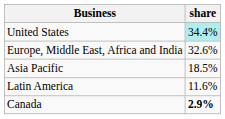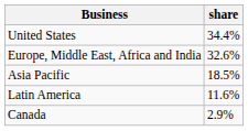 <table class="wikitable floatright">
 <tr>
 <th>Business</th>
 <th>share</th>
 </tr>
 <tr>
 <td>United States</td>
-<td style="background: paleturquoise;">34.4%</td>
+<td>34.4%</td>
 </tr>
 <tr>
 <td>Europe, Middle East, Africa and India</td>
 <td>32.6%</td>
 </tr>
 <tr>
 <td>Asia Pacific</td>
 <td>18.5%</td>
 </tr>
 <tr>
 <td>Latin America</td>
 <td>11.6%</td>
 </tr>
 <tr>
 <td>Canada</td>
-<td><strong>2.9%</strong></td>
+<td>2.9%</td>
 </tr>
 </table>
